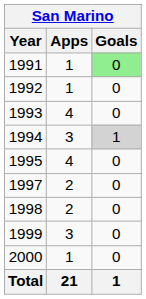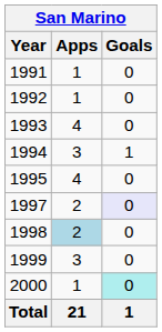 <table class="wikitable" style="text-align:center">
 <tr>
 <th colspan=3><a href='#'>San Marino</a></th>
 </tr>
 <tr>
 <th>Year</th>
 <th>Apps</th>
 <th>Goals</th>
 </tr>
 <tr>
 <td>1991</td>
 <td>1</td>
-<td style="background: lightgreen;">0</td>
+<td>0</td>
 </tr>
 <tr>
 <td>1992</td>
 <td>1</td>
 <td>0</td>
 </tr>
 <tr>
 <td>1993</td>
 <td>4</td>
 <td>0</td>
 </tr>
 <tr>
 <td>1994</td>
 <td>3</td>
-<td style="background: lightgrey;">1</td>
+<td>1</td>
 </tr>
 <tr>
 <td>1995</td>
 <td>4</td>
 <td>0</td>
 </tr>
 <tr>
 <td>1997</td>
 <td>2</td>
-<td>0</td>
+<td style="background: lavender;">0</td>
 </tr>
 <tr>
 <td>1998</td>
-<td>2</td>
+<td style="background: lightblue;">2</td>
 <td>0</td>
 </tr>
 <tr>
 <td>1999</td>
 <td>3</td>
 <td>0</td>
 </tr>
 <tr>
 <td>2000</td>
 <td>1</td>
-<td>0</td>
+<td style="background: paleturquoise;">0</td>
 </tr>
 <tr>
 <th>Total</th>
 <th>21</th>
 <th>1</th>
 </tr>
 </table>
